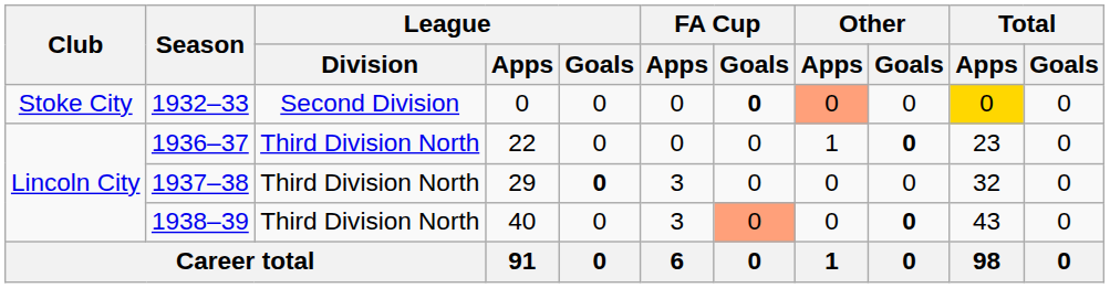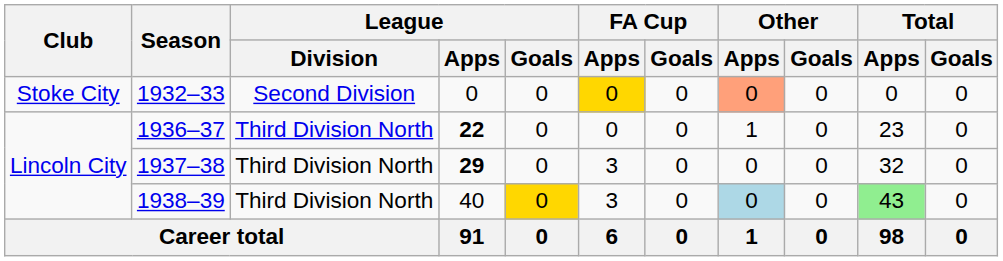 <table class="wikitable" style="text-align: center;">
 <tr>
 <th rowspan="2">Club</th>
 <th rowspan="2">Season</th>
 <th colspan="3">League</th>
 <th colspan="2">FA Cup</th>
 <th colspan="2">Other</th>
 <th colspan="2">Total</th>
 </tr>
 <tr>
 <th>Division</th>
 <th>Apps</th>
 <th>Goals</th>
 <th>Apps</th>
 <th>Goals</th>
 <th>Apps</th>
 <th>Goals</th>
 <th>Apps</th>
 <th>Goals</th>
 </tr>
 <tr>
 <td><a href='#'>Stoke City</a></td>
 <td><a href='#'>1932–33</a></td>
 <td><a href='#'>Second Division</a></td>
 <td>0</td>
 <td>0</td>
+<td style="background: gold;">0</td>
 <td>0</td>
-<td><strong>0</strong></td>
 <td style="background: lightsalmon;">0</td>
 <td>0</td>
-<td style="background: gold;">0</td>
+<td>0</td>
 <td>0</td>
 </tr>
 <tr>
 <td rowspan=3><a href='#'>Lincoln City</a></td>
 <td><a href='#'>1936–37</a></td>
 <td><a href='#'>Third Division North</a></td>
-<td>22</td>
+<td><strong>22</strong></td>
 <td>0</td>
 <td>0</td>
 <td>0</td>
 <td>1</td>
-<td><strong>0</strong></td>
+<td>0</td>
 <td>23</td>
 <td>0</td>
 </tr>
 <tr>
 <td><a href='#'>1937–38</a></td>
 <td>Third Division North</td>
-<td>29</td>
-<td><strong>0</strong></td>
+<td><strong>29</strong></td>
+<td>0</td>
 <td>3</td>
 <td>0</td>
 <td>0</td>
 <td>0</td>
 <td>32</td>
 <td>0</td>
 </tr>
 <tr>
 <td><a href='#'>1938–39</a></td>
 <td>Third Division North</td>
 <td>40</td>
+<td style="background: gold;">0</td>
+<td>3</td>
 <td>0</td>
-<td>3</td>
-<td style="background: lightsalmon;">0</td>
+<td style="background: lightblue;">0</td>
 <td>0</td>
-<td><strong>0</strong></td>
-<td>43</td>
+<td style="background: lightgreen;">43</td>
 <td>0</td>
 </tr>
 <tr>
 <th colspan="3">Career total</th>
 <th>91</th>
 <th>0</th>
 <th>6</th>
 <th>0</th>
 <th>1</th>
 <th>0</th>
 <th>98</th>
 <th>0</th>
 </tr>
 </table>
